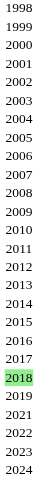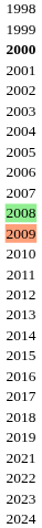 <table>
 <tr>
 <td align="center">1998</td>
 <td></td>
 <td></td>
 <td></td>
 </tr>
 <tr>
 <td align="center">1999</td>
 <td></td>
 <td></td>
 <td></td>
 </tr>
 <tr>
-<td align="center">2000</td>
+<td align="center"><strong>2000</strong></td>
 <td></td>
 <td></td>
 <td></td>
 </tr>
 <tr>
 <td align="center">2001</td>
 <td></td>
 <td></td>
 <td></td>
 </tr>
 <tr>
 <td align="center">2002</td>
 <td></td>
 <td></td>
 <td></td>
 </tr>
 <tr>
 <td align="center">2003</td>
 <td></td>
 <td></td>
 <td></td>
 </tr>
 <tr>
 <td align="center">2004</td>
 <td></td>
 <td></td>
 <td></td>
 </tr>
 <tr>
 <td align="center">2005</td>
 <td></td>
 <td></td>
 <td></td>
 </tr>
 <tr>
 <td align="center">2006</td>
 <td></td>
 <td></td>
 <td></td>
 </tr>
 <tr>
 <td align="center">2007</td>
 <td></td>
 <td></td>
 <td></td>
 </tr>
 <tr>
-<td align="center">2008</td>
+<td align="center" style="background: lightgreen;">2008</td>
 <td></td>
 <td></td>
 <td></td>
 </tr>
 <tr>
-<td align="center">2009</td>
+<td align="center" style="background: lightsalmon;">2009</td>
 <td></td>
 <td></td>
 <td></td>
 </tr>
 <tr>
 <td align="center">2010</td>
 <td></td>
 <td></td>
 <td></td>
 </tr>
 <tr>
 <td align="center">2011</td>
 <td></td>
 <td></td>
 <td></td>
 </tr>
 <tr>
 <td align="center">2012</td>
 <td></td>
 <td></td>
 <td></td>
 </tr>
 <tr>
 <td align="center">2013</td>
 <td></td>
 <td></td>
 <td></td>
 </tr>
 <tr>
 <td align="center">2014</td>
 <td></td>
 <td></td>
 <td></td>
 </tr>
 <tr>
 <td align="center">2015</td>
 <td></td>
 <td></td>
 <td></td>
 </tr>
 <tr>
 <td align="center">2016</td>
 <td></td>
 <td></td>
 <td></td>
 </tr>
 <tr>
 <td align="center">2017</td>
 <td></td>
 <td></td>
 <td></td>
 </tr>
 <tr>
-<td align="center" style="background: lightgreen;">2018</td>
+<td align="center">2018</td>
 <td></td>
 <td></td>
 <td></td>
 </tr>
 <tr>
 <td align="center">2019</td>
 <td></td>
 <td></td>
 <td></td>
 </tr>
 <tr>
 <td align="center">2021</td>
 <td></td>
 <td></td>
 <td></td>
 </tr>
 <tr>
 <td align="center">2022</td>
 <td></td>
 <td></td>
 <td></td>
 </tr>
 <tr>
 <td align="center">2023</td>
 <td></td>
 <td></td>
 <td></td>
 </tr>
 <tr>
 <td align="center">2024</td>
 <td></td>
 <td></td>
 <td></td>
 </tr>
 </table>
